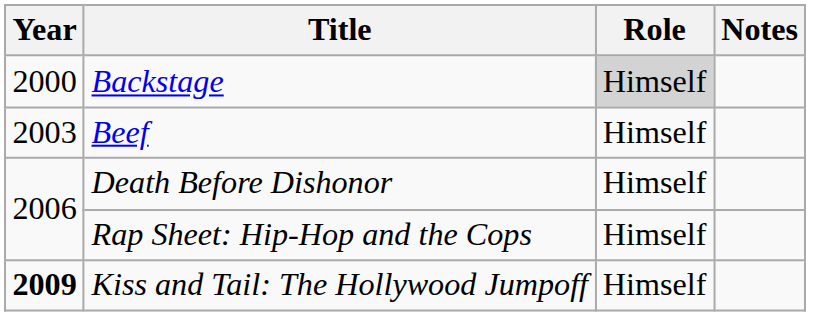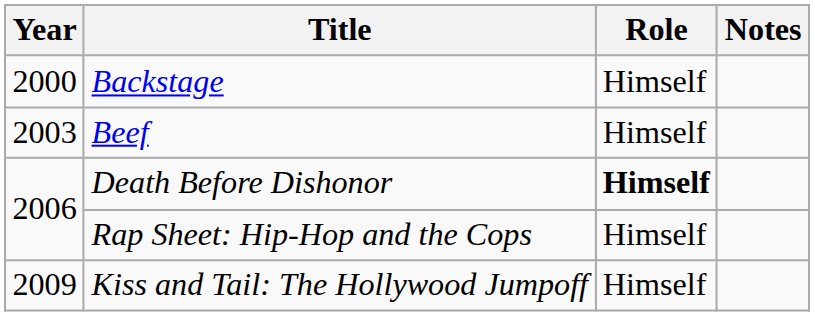 <table class="wikitable plainrowheaders sortable" style="margin-right: 0;">
 <tr>
 <th>Year</th>
 <th>Title</th>
 <th>Role</th>
 <th>Notes</th>
 </tr>
 <tr>
 <td>2000</td>
 <td><em><a href='#'>Backstage</a></em></td>
-<td style="background: lightgrey;">Himself</td>
+<td>Himself</td>
 <td></td>
 </tr>
 <tr>
 <td>2003</td>
 <td><em><a href='#'>Beef</a></em></td>
 <td>Himself</td>
 <td></td>
 </tr>
 <tr>
 <td rowspan=2>2006</td>
 <td><em>Death Before Dishonor</em></td>
-<td>Himself</td>
+<td><strong>Himself</strong></td>
 <td></td>
 </tr>
 <tr>
 <td><em>Rap Sheet: Hip-Hop and the Cops</em></td>
 <td>Himself</td>
 <td></td>
 </tr>
 <tr>
-<td><strong>2009</strong></td>
+<td>2009</td>
 <td><em>Kiss and Tail: The Hollywood Jumpoff</em></td>
 <td>Himself</td>
 <td></td>
 </tr>
 </table>
